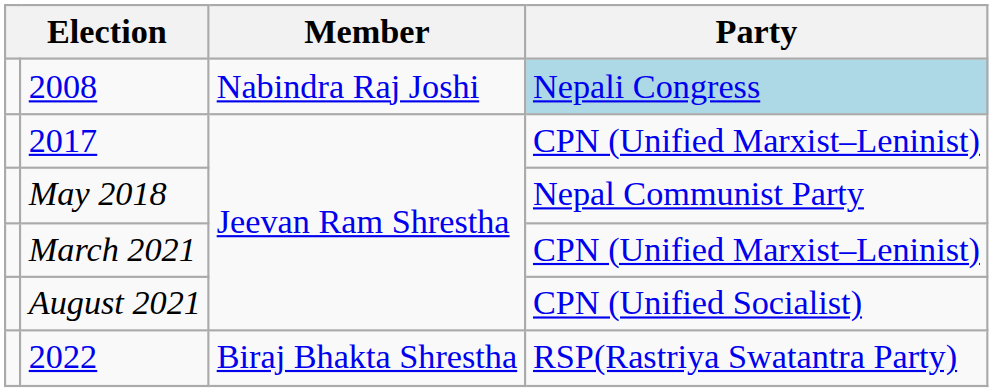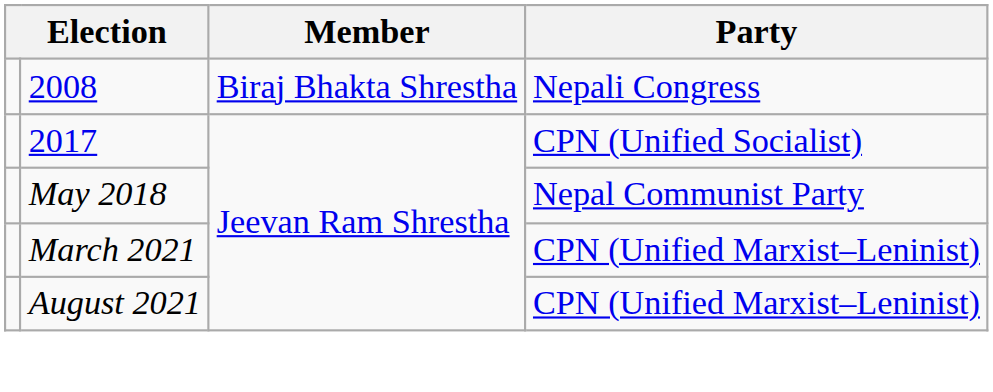 <table class="wikitable">
 <tr>
 <th colspan="2">Election</th>
 <th>Member</th>
 <th>Party</th>
 </tr>
 <tr>
 <td style="background-color:"></td>
 <td><a href='#'>2008</a></td>
-<td><a href='#'>Nabindra Raj Joshi</a></td>
-<td style="background: lightblue;"><a href='#'>Nepali Congress</a></td>
+<td><a href='#'>Biraj Bhakta Shrestha</a></td>
+<td><a href='#'>Nepali Congress</a></td>
 </tr>
 <tr>
 <td style="background-color:"></td>
 <td><a href='#'>2017</a></td>
 <td rowspan="4"><a href='#'>Jeevan Ram Shrestha</a></td>
-<td><a href='#'>CPN (Unified Marxist–Leninist)</a></td>
+<td><a href='#'>CPN (Unified Socialist)</a></td>
 </tr>
 <tr>
 <td style="background-color:"></td>
 <td><em>May 2018</em></td>
 <td><a href='#'>Nepal Communist Party</a></td>
 </tr>
 <tr>
 <td style="background-color:"></td>
 <td><em>March 2021</em></td>
 <td><a href='#'>CPN (Unified Marxist–Leninist)</a></td>
 </tr>
 <tr>
 <td style="background-color:"></td>
 <td><em>August 2021</em></td>
-<td><a href='#'>CPN (Unified Socialist)</a></td>
-</tr>
-<tr>
-<td style="background-color:"></td>
-<td><a href='#'>2022</a></td>
-<td><a href='#'>Biraj Bhakta Shrestha</a></td>
-<td><a href='#'>RSP(Rastriya Swatantra Party)</a></td>
+<td><a href='#'>CPN (Unified Marxist–Leninist)</a></td>
 </tr>
 </table>
